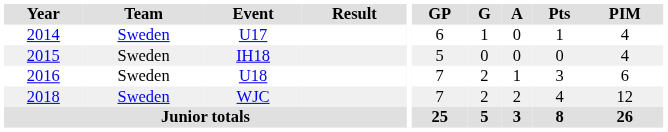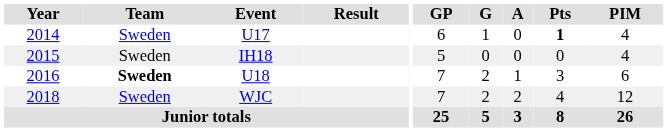 <table border="0" cellpadding="1" cellspacing="0" ID="Table3" style="text-align:center; width:40em">
 <tr ALIGN="center" bgcolor="#e0e0e0">
 <th>Year</th>
 <th>Team</th>
 <th>Event</th>
 <th>Result</th>
 <th rowspan="99" bgcolor="#ffffff"></th>
 <th>GP</th>
 <th>G</th>
 <th>A</th>
 <th>Pts</th>
 <th>PIM</th>
 </tr>
 <tr>
 <td><a href='#'>2014</a></td>
 <td><a href='#'>Sweden</a></td>
 <td><a href='#'>U17</a></td>
 <td></td>
 <td>6</td>
 <td>1</td>
 <td>0</td>
-<td>1</td>
+<td><strong>1</strong></td>
 <td>4</td>
 </tr>
 <tr bgcolor="#f0f0f0">
 <td><a href='#'>2015</a></td>
 <td>Sweden</td>
 <td><a href='#'>IH18</a></td>
 <td></td>
 <td>5</td>
 <td>0</td>
 <td>0</td>
 <td>0</td>
 <td>4</td>
 </tr>
 <tr>
 <td><a href='#'>2016</a></td>
-<td>Sweden</td>
+<td><strong>Sweden</strong></td>
 <td><a href='#'>U18</a></td>
 <td></td>
 <td>7</td>
 <td>2</td>
 <td>1</td>
 <td>3</td>
 <td>6</td>
 </tr>
 <tr bgcolor="#f0f0f0">
 <td><a href='#'>2018</a></td>
 <td><a href='#'>Sweden</a></td>
 <td><a href='#'>WJC</a></td>
 <td></td>
 <td>7</td>
 <td>2</td>
 <td>2</td>
 <td>4</td>
 <td>12</td>
 </tr>
 <tr bgcolor="#e0e0e0">
 <th colspan="4">Junior totals</th>
 <th>25</th>
 <th>5</th>
 <th>3</th>
 <th>8</th>
 <th>26</th>
 </tr>
 </table>
